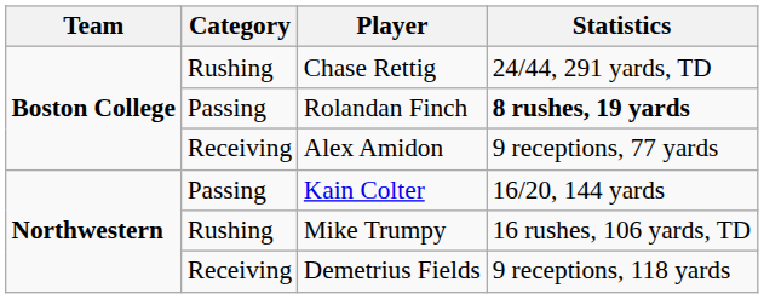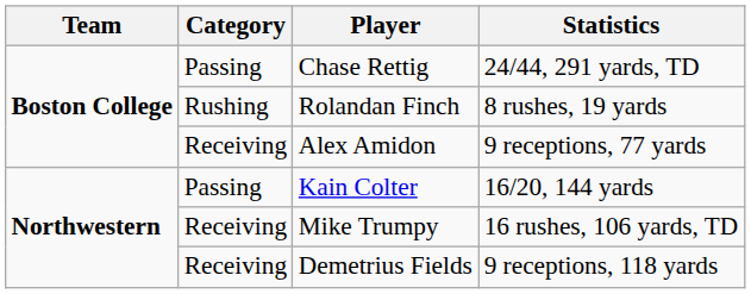 <table class="wikitable" style="float: left;">
 <tr>
 <th>Team</th>
 <th>Category</th>
 <th>Player</th>
 <th>Statistics</th>
 </tr>
 <tr>
 <td rowspan=3><strong>Boston College</strong></td>
-<td>Rushing</td>
+<td>Passing</td>
 <td>Chase Rettig</td>
 <td>24/44, 291 yards, TD</td>
 </tr>
 <tr>
-<td>Passing</td>
+<td>Rushing</td>
 <td>Rolandan Finch</td>
-<td><strong>8 rushes, 19 yards</strong></td>
+<td>8 rushes, 19 yards</td>
 </tr>
 <tr>
 <td>Receiving</td>
 <td>Alex Amidon</td>
 <td>9 receptions, 77 yards</td>
 </tr>
 <tr>
 <td rowspan=3><strong>Northwestern</strong></td>
 <td>Passing</td>
 <td><a href='#'>Kain Colter</a></td>
 <td>16/20, 144 yards</td>
 </tr>
 <tr>
-<td>Rushing</td>
+<td>Receiving</td>
 <td>Mike Trumpy</td>
 <td>16 rushes, 106 yards, TD</td>
 </tr>
 <tr>
 <td>Receiving</td>
 <td>Demetrius Fields</td>
 <td>9 receptions, 118 yards</td>
 </tr>
 </table>
